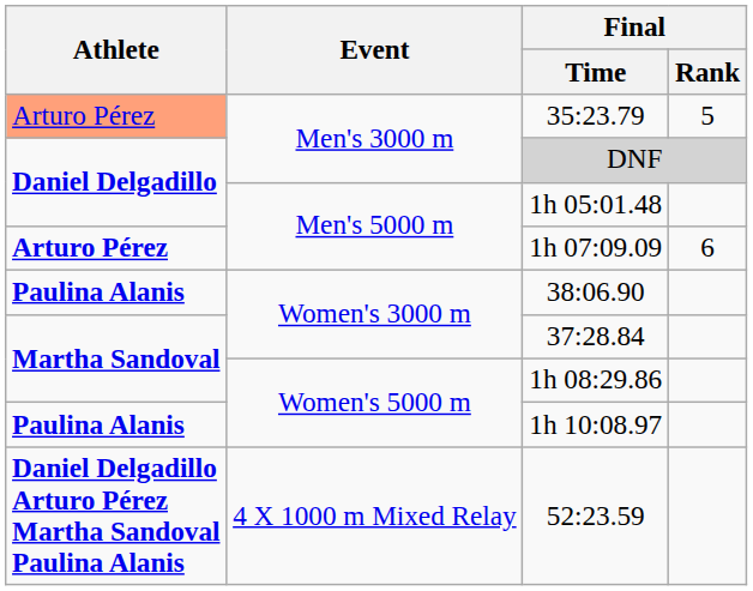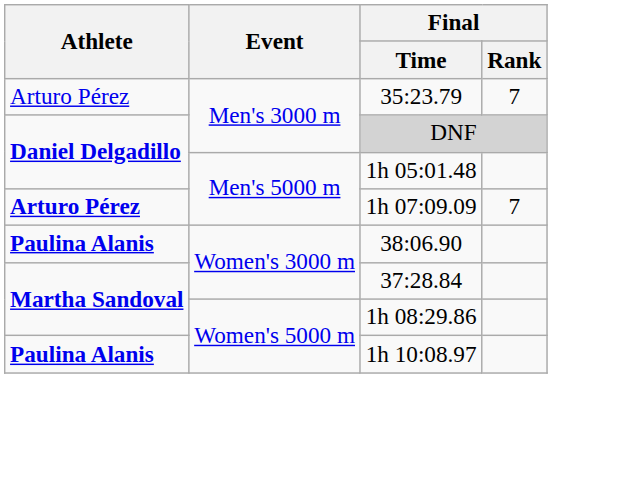 <table class="wikitable">
 <tr>
 <th rowspan="2">Athlete</th>
 <th rowspan="2">Event</th>
 <th colspan="2">Final</th>
 </tr>
 <tr>
 <th>Time</th>
 <th>Rank</th>
 </tr>
 <tr align="center">
-<td align="left" style="background: lightsalmon;"><a href='#'>Arturo Pérez</a></td>
+<td align="left"><a href='#'>Arturo Pérez</a></td>
 <td rowspan="2"><a href='#'>Men's 3000 m</a></td>
 <td>35:23.79</td>
-<td>5</td>
+<td>7</td>
 </tr>
 <tr align="center">
 <td rowspan="2" align="left"><a href='#'><strong>Daniel Delgadillo</strong></a></td>
 <td colspan="2" ; style="background: #D3D3D3">DNF</td>
 </tr>
 <tr align="center">
 <td rowspan="2"><a href='#'>Men's 5000 m</a></td>
 <td>1h 05:01.48</td>
 <td></td>
 </tr>
 <tr align="center">
 <td align="left"><strong><a href='#'>Arturo Pérez</a></strong></td>
 <td>1h 07:09.09</td>
-<td>6</td>
+<td>7</td>
 </tr>
 <tr align="center">
 <td align="left"><strong><a href='#'>Paulina Alanis</a></strong></td>
 <td rowspan="2"><a href='#'>Women's 3000 m</a></td>
 <td>38:06.90</td>
 <td></td>
 </tr>
 <tr align="center">
 <td rowspan="2" align="left"><a href='#'><strong>Martha Sandoval</strong></a></td>
 <td>37:28.84</td>
 <td></td>
 </tr>
 <tr align="center">
 <td rowspan="2"><a href='#'>Women's 5000 m</a></td>
 <td>1h 08:29.86</td>
 <td></td>
 </tr>
 <tr align="center">
 <td align="left"><strong><a href='#'>Paulina Alanis</a></strong></td>
 <td>1h 10:08.97</td>
 <td></td>
 </tr>
-<tr align="center">
-<td align="left"><strong><a href='#'>Daniel Delgadillo</a><br><a href='#'>Arturo Pérez</a> <br><a href='#'>Martha Sandoval</a><br><a href='#'>Paulina Alanis</a></strong></td>
-<td><a href='#'>4 X 1000 m Mixed Relay</a></td>
-<td>52:23.59</td>
-<td></td>
-</tr>
 </table>
